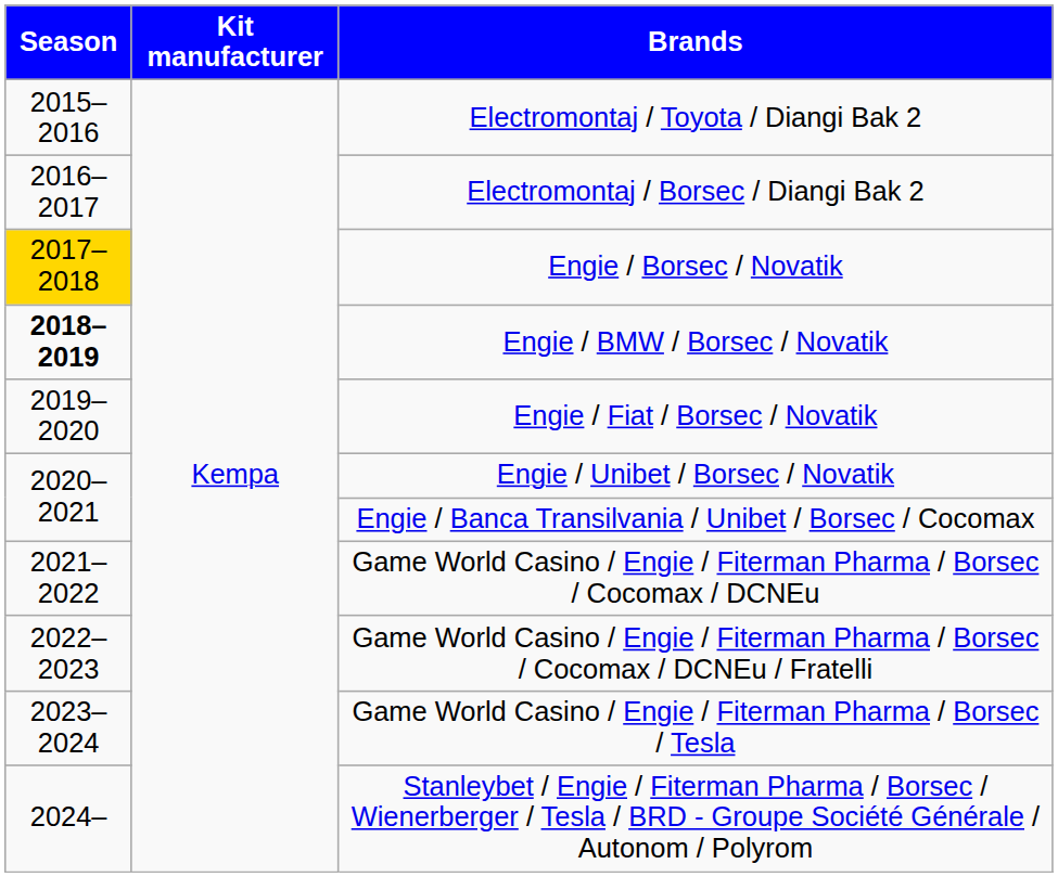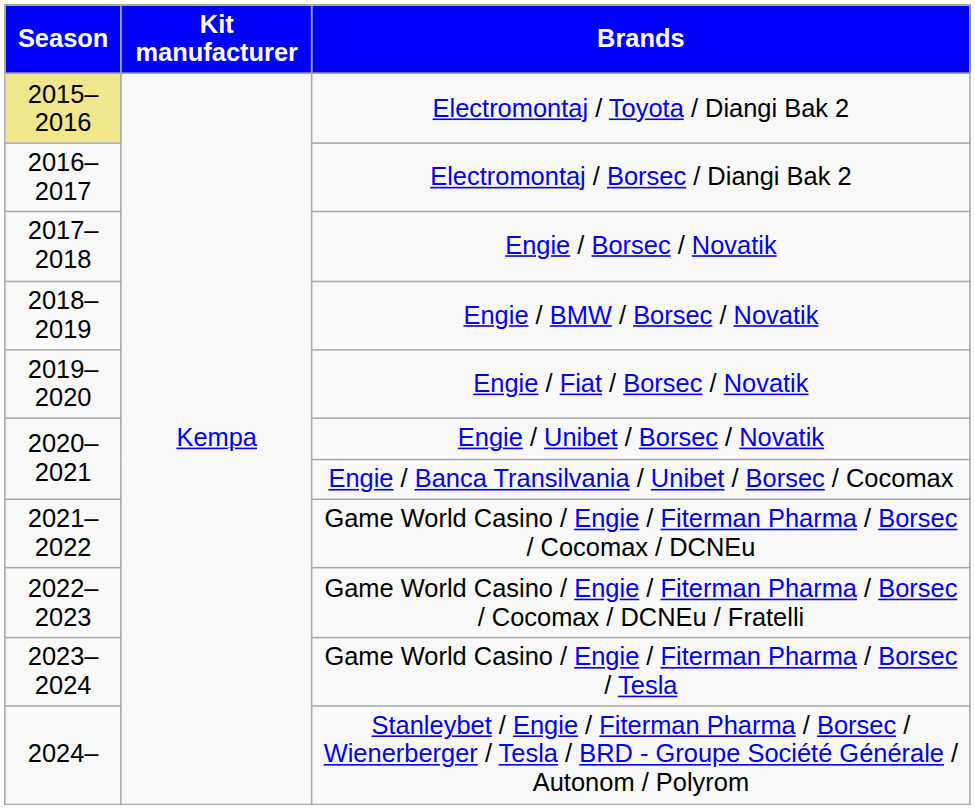 <table class="wikitable" style="text-align:center;">
 <tr>
 <th style="color:white; background:blue">Season</th>
 <th style="color:white; background:blue">Kit manufacturer</th>
 <th style="color:white; background:blue">Brands</th>
 </tr>
 <tr>
-<td>2015–2016</td>
+<td style="background: khaki;">2015–2016</td>
 <td rowspan=11><a href='#'>Kempa</a></td>
 <td><a href='#'>Electromontaj</a> / <a href='#'>Toyota</a> / Diangi Bak 2</td>
 </tr>
 <tr>
 <td>2016–2017</td>
 <td><a href='#'>Electromontaj</a> / <a href='#'>Borsec</a> / Diangi Bak 2</td>
 </tr>
 <tr>
-<td style="background: gold;">2017–2018</td>
+<td>2017–2018</td>
 <td><a href='#'>Engie</a> / <a href='#'>Borsec</a> / <a href='#'>Novatik</a></td>
 </tr>
 <tr>
-<td><strong>2018–2019</strong></td>
+<td>2018–2019</td>
 <td><a href='#'>Engie</a> / <a href='#'>BMW</a> / <a href='#'>Borsec</a> / <a href='#'>Novatik</a></td>
 </tr>
 <tr>
 <td>2019–2020</td>
 <td><a href='#'>Engie</a> / <a href='#'>Fiat</a> / <a href='#'>Borsec</a> / <a href='#'>Novatik</a></td>
 </tr>
 <tr>
 <td rowspan="2">2020–2021</td>
 <td><a href='#'>Engie</a> /  <a href='#'>Unibet</a> / <a href='#'>Borsec</a> / <a href='#'>Novatik</a></td>
 </tr>
 <tr>
 <td><a href='#'>Engie</a> / <a href='#'>Banca Transilvania</a> / <a href='#'>Unibet</a> / <a href='#'>Borsec</a> / Cocomax</td>
 </tr>
 <tr>
 <td>2021–2022</td>
 <td>Game World Casino / <a href='#'>Engie</a> / <a href='#'>Fiterman Pharma</a> / <a href='#'>Borsec</a> / Cocomax / DCNEu</td>
 </tr>
 <tr>
 <td>2022–2023</td>
 <td>Game World Casino / <a href='#'>Engie</a> / <a href='#'>Fiterman Pharma</a> / <a href='#'>Borsec</a> / Cocomax / DCNEu / Fratelli</td>
 </tr>
 <tr>
 <td>2023–2024</td>
 <td>Game World Casino / <a href='#'>Engie</a> / <a href='#'>Fiterman Pharma</a> / <a href='#'>Borsec</a> / <a href='#'>Tesla</a></td>
 </tr>
 <tr>
 <td>2024–</td>
 <td><a href='#'>Stanleybet</a> / <a href='#'>Engie</a> / <a href='#'>Fiterman Pharma</a> / <a href='#'>Borsec</a> / <a href='#'>Wienerberger</a> / <a href='#'>Tesla</a> / <a href='#'>BRD - Groupe Société Générale</a> / Autonom / Polyrom</td>
 </tr>
 </table>
